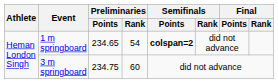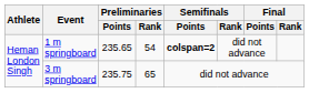 <table class="wikitable" style="text-align:center; font-size:90%; width:50%;">
 <tr>
 <th rowspan=2>Athlete</th>
 <th rowspan=2>Event</th>
 <th colspan=2>Preliminaries</th>
 <th colspan=2>Semifinals</th>
 <th colspan=2>Final</th>
 </tr>
 <tr style="font-size:95%">
 <th>Points</th>
 <th>Rank</th>
 <th>Points</th>
 <th>Rank</th>
 <th>Points</th>
 <th>Rank</th>
 </tr>
 <tr>
 <td align=left rowspan=2><a href='#'>Heman London Singh</a></td>
 <td align=left><a href='#'>1 m springboard</a></td>
-<td>234.65</td>
+<td>235.65</td>
 <td>54</td>
 <td><strong>colspan=2 </strong></td>
 <td colspan=2>did not advance</td>
 </tr>
 <tr>
 <td align=left><a href='#'>3 m springboard</a></td>
-<td>234.75</td>
-<td>60</td>
+<td>235.75</td>
+<td>65</td>
 <td colspan=4>did not advance</td>
 </tr>
 </table>
